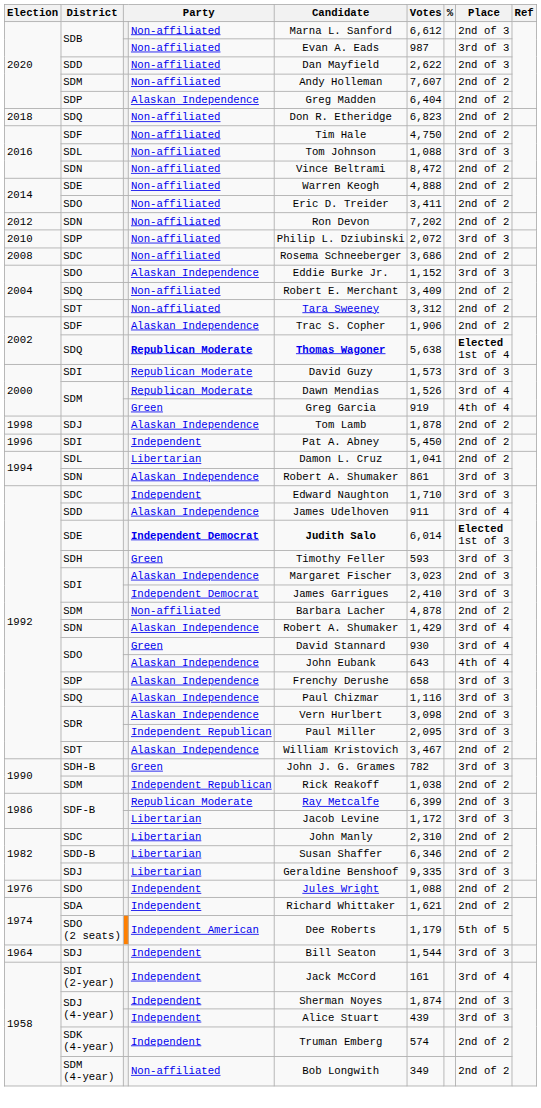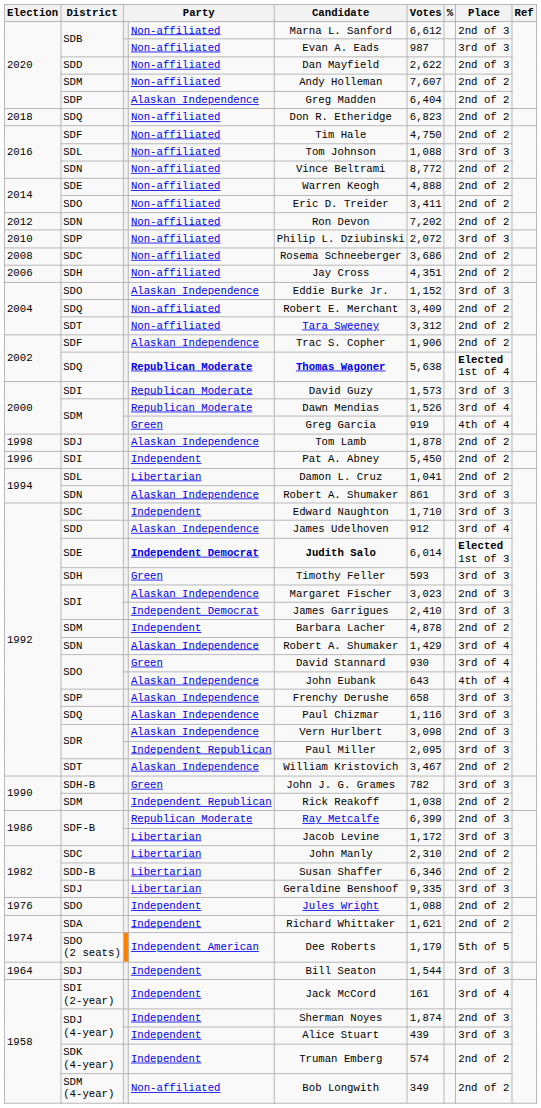 <table class="wikitable sortable">
 <tr>
 <th>Election</th>
 <th>District</th>
 <th colspan=2>Party</th>
 <th>Candidate</th>
 <th>Votes</th>
 <th>%</th>
 <th>Place</th>
 <th>Ref</th>
 </tr>
 <tr>
 <td rowspan=5>2020</td>
 <td rowspan=2>SDB</td>
 <th style="background-color:"></th>
 <td><a href='#'>Non-affiliated</a></td>
 <td align="center">Marna L. Sanford</td>
 <td>6,612</td>
 <td></td>
 <td>2nd of 3</td>
 <td rowspan=5></td>
 </tr>
 <tr>
 <th style="background-color:"></th>
 <td><a href='#'>Non-affiliated</a></td>
 <td align="center">Evan A. Eads</td>
 <td>987</td>
 <td></td>
 <td>3rd of 3</td>
 </tr>
 <tr>
 <td>SDD</td>
 <th style="background-color:"></th>
 <td><a href='#'>Non-affiliated</a></td>
 <td align="center">Dan Mayfield</td>
 <td>2,622</td>
 <td></td>
 <td>2nd of 3</td>
 </tr>
 <tr>
 <td>SDM</td>
 <th style="background-color:"></th>
 <td><a href='#'>Non-affiliated</a></td>
 <td align="center">Andy Holleman</td>
 <td>7,607</td>
 <td></td>
 <td>2nd of 2</td>
 </tr>
 <tr>
 <td>SDP</td>
 <th style="background-color:"></th>
 <td><a href='#'>Alaskan Independence</a></td>
 <td align="center">Greg Madden</td>
 <td>6,404</td>
 <td></td>
 <td>2nd of 2</td>
 </tr>
 <tr>
 <td>2018</td>
 <td>SDQ</td>
 <th style="background-color:"></th>
 <td><a href='#'>Non-affiliated</a></td>
 <td align="center">Don R. Etheridge</td>
 <td>6,823</td>
 <td></td>
 <td>2nd of 2</td>
 <td></td>
 </tr>
 <tr>
 <td rowspan=3>2016</td>
 <td>SDF</td>
 <th style="background-color:"></th>
 <td><a href='#'>Non-affiliated</a></td>
 <td align="center">Tim Hale</td>
 <td>4,750</td>
 <td></td>
 <td>2nd of 2</td>
 <td rowspan=3></td>
 </tr>
 <tr>
 <td>SDL</td>
 <th style="background-color:"></th>
 <td><a href='#'>Non-affiliated</a></td>
 <td align="center">Tom Johnson</td>
 <td>1,088</td>
 <td></td>
 <td>3rd of 3</td>
 </tr>
 <tr>
 <td>SDN</td>
 <th style="background-color:"></th>
 <td><a href='#'>Non-affiliated</a></td>
 <td align="center">Vince Beltrami</td>
-<td>8,472</td>
+<td>8,772</td>
 <td></td>
 <td>2nd of 2</td>
 </tr>
 <tr>
 <td rowspan=2>2014</td>
 <td>SDE</td>
 <th style="background-color:"></th>
 <td><a href='#'>Non-affiliated</a></td>
 <td align="center">Warren Keogh</td>
 <td>4,888</td>
 <td></td>
 <td>2nd of 2</td>
 <td rowspan=2></td>
 </tr>
 <tr>
 <td>SDO</td>
 <th style="background-color:"></th>
 <td><a href='#'>Non-affiliated</a></td>
 <td align="center">Eric D. Treider</td>
 <td>3,411</td>
 <td></td>
 <td>2nd of 2</td>
 </tr>
 <tr>
 <td>2012</td>
 <td>SDN</td>
 <th style="background-color:"></th>
 <td><a href='#'>Non-affiliated</a></td>
 <td align="center">Ron Devon</td>
 <td>7,202</td>
 <td></td>
 <td>2nd of 2</td>
 <td></td>
 </tr>
 <tr>
 <td>2010</td>
 <td>SDP</td>
 <th style="background-color:"></th>
 <td><a href='#'>Non-affiliated</a></td>
 <td align="center">Philip L. Dziubinski</td>
 <td>2,072</td>
 <td></td>
 <td>3rd of 3</td>
 <td></td>
 </tr>
 <tr>
 <td>2008</td>
 <td>SDC</td>
 <th style="background-color:"></th>
 <td><a href='#'>Non-affiliated</a></td>
 <td align="center">Rosema Schneeberger</td>
 <td>3,686</td>
+<td></td>
+<td>2nd of 2</td>
+<td></td>
+</tr>
+<tr>
+<td>2006</td>
+<td>SDH</td>
+<th style="background-color:"></th>
+<td><a href='#'>Non-affiliated</a></td>
+<td align="center">Jay Cross</td>
+<td>4,351</td>
 <td></td>
 <td>2nd of 2</td>
 <td></td>
 </tr>
 <tr>
 <td rowspan=3>2004</td>
 <td>SDO</td>
 <th style="background-color:"></th>
 <td><a href='#'>Alaskan Independence</a></td>
 <td align="center">Eddie Burke Jr.</td>
 <td>1,152</td>
 <td></td>
 <td>3rd of 3</td>
 <td rowspan=3></td>
 </tr>
 <tr>
 <td>SDQ</td>
 <th style="background-color:"></th>
 <td><a href='#'>Non-affiliated</a></td>
 <td align="center">Robert E. Merchant</td>
 <td>3,409</td>
 <td></td>
 <td>2nd of 2</td>
 </tr>
 <tr>
 <td>SDT</td>
 <th style="background-color:"></th>
 <td><a href='#'>Non-affiliated</a></td>
 <td align="center"><a href='#'>Tara Sweeney</a></td>
 <td>3,312</td>
 <td></td>
 <td>2nd of 2</td>
 </tr>
 <tr>
 <td rowspan=2>2002</td>
 <td>SDF</td>
 <th style="background-color:"></th>
 <td><a href='#'>Alaskan Independence</a></td>
 <td align="center">Trac S. Copher</td>
 <td>1,906</td>
 <td></td>
 <td>2nd of 2</td>
 <td rowspan=2></td>
 </tr>
 <tr>
 <td>SDQ</td>
 <th style="background-color:"></th>
 <td><strong><a href='#'>Republican Moderate</a></strong></td>
 <td align="center"><strong><a href='#'>Thomas Wagoner</a></strong></td>
 <td>5,638</td>
 <td></td>
 <td><strong>Elected</strong><br>1st of 4</td>
 </tr>
 <tr>
 <td rowspan=3>2000</td>
 <td>SDI</td>
 <th style="background-color:"></th>
 <td><a href='#'>Republican Moderate</a></td>
 <td align="center">David Guzy</td>
 <td>1,573</td>
 <td></td>
 <td>3rd of 3</td>
 <td rowspan=3></td>
 </tr>
 <tr>
 <td rowspan=2>SDM</td>
 <th style="background-color:"></th>
 <td><a href='#'>Republican Moderate</a></td>
 <td align="center">Dawn Mendias</td>
 <td>1,526</td>
 <td></td>
 <td>3rd of 4</td>
 </tr>
 <tr>
 <th style="background-color:"></th>
 <td><a href='#'>Green</a></td>
 <td align="center">Greg Garcia</td>
 <td>919</td>
 <td></td>
 <td>4th of 4</td>
 </tr>
 <tr>
 <td>1998</td>
 <td>SDJ</td>
 <th style="background-color:"></th>
 <td><a href='#'>Alaskan Independence</a></td>
 <td align="center">Tom Lamb</td>
 <td>1,878</td>
 <td></td>
 <td>2nd of 2</td>
 <td></td>
 </tr>
 <tr>
 <td>1996</td>
 <td>SDI</td>
 <th style="background-color:"></th>
 <td><a href='#'>Independent</a></td>
 <td align="center">Pat A. Abney</td>
 <td>5,450</td>
 <td></td>
 <td>2nd of 2</td>
 <td></td>
 </tr>
 <tr>
 <td rowspan=2>1994</td>
 <td>SDL</td>
 <th style="background-color:"></th>
 <td><a href='#'>Libertarian</a></td>
 <td align="center">Damon L. Cruz</td>
 <td>1,041</td>
 <td></td>
 <td>2nd of 2</td>
 <td rowspan=2></td>
 </tr>
 <tr>
 <td>SDN</td>
 <th style="background-color:"></th>
 <td><a href='#'>Alaskan Independence</a></td>
 <td align="center">Robert A. Shumaker</td>
 <td>861</td>
 <td></td>
 <td>3rd of 3</td>
 </tr>
 <tr>
 <td rowspan=15>1992</td>
 <td>SDC</td>
 <th style="background-color:"></th>
 <td><a href='#'>Independent</a></td>
 <td align="center">Edward Naughton</td>
 <td>1,710</td>
 <td></td>
 <td>3rd of 3</td>
 <td rowspan=15></td>
 </tr>
 <tr>
 <td>SDD</td>
 <th style="background-color:"></th>
 <td><a href='#'>Alaskan Independence</a></td>
 <td align="center">James Udelhoven</td>
-<td>911</td>
+<td>912</td>
 <td></td>
 <td>3rd of 4</td>
 </tr>
 <tr>
 <td>SDE</td>
 <th style="background-color:"></th>
 <td><strong><a href='#'>Independent Democrat</a></strong></td>
 <td align="center"><strong>Judith Salo</strong></td>
 <td>6,014</td>
 <td></td>
 <td><strong>Elected</strong><br>1st of 3</td>
 </tr>
 <tr>
 <td>SDH</td>
 <th style="background-color:"></th>
 <td><a href='#'>Green</a></td>
 <td align="center">Timothy Feller</td>
 <td>593</td>
 <td></td>
 <td>3rd of 3</td>
 </tr>
 <tr>
 <td rowspan=2>SDI</td>
 <th style="background-color:"></th>
 <td><a href='#'>Alaskan Independence</a></td>
 <td align="center">Margaret Fischer</td>
 <td>3,023</td>
 <td></td>
 <td>2nd of 3</td>
 </tr>
 <tr>
 <th style="background-color:"></th>
 <td><a href='#'>Independent Democrat</a></td>
 <td align="center">James Garrigues</td>
 <td>2,410</td>
 <td></td>
 <td>3rd of 3</td>
 </tr>
 <tr>
 <td>SDM</td>
 <th style="background-color:"></th>
-<td><a href='#'>Non-affiliated</a></td>
+<td><a href='#'>Independent</a></td>
 <td align="center">Barbara Lacher</td>
 <td>4,878</td>
 <td></td>
 <td>2nd of 2</td>
 </tr>
 <tr>
 <td>SDN</td>
 <th style="background-color:"></th>
 <td><a href='#'>Alaskan Independence</a></td>
 <td align="center">Robert A. Shumaker</td>
 <td>1,429</td>
 <td></td>
 <td>3rd of 4</td>
 </tr>
 <tr>
 <td rowspan=2>SDO</td>
 <th style="background-color:"></th>
 <td><a href='#'>Green</a></td>
 <td align="center">David Stannard</td>
 <td>930</td>
 <td></td>
 <td>3rd of 4</td>
 </tr>
 <tr>
 <th style="background-color:"></th>
 <td><a href='#'>Alaskan Independence</a></td>
 <td align="center">John Eubank</td>
 <td>643</td>
 <td></td>
 <td>4th of 4</td>
 </tr>
 <tr>
 <td>SDP</td>
 <th style="background-color:"></th>
 <td><a href='#'>Alaskan Independence</a></td>
 <td align="center">Frenchy Derushe</td>
 <td>658</td>
 <td></td>
 <td>3rd of 3</td>
 </tr>
 <tr>
 <td>SDQ</td>
 <th style="background-color:"></th>
 <td><a href='#'>Alaskan Independence</a></td>
 <td align="center">Paul Chizmar</td>
 <td>1,116</td>
 <td></td>
 <td>3rd of 3</td>
 </tr>
 <tr>
 <td rowspan=2>SDR</td>
 <th style="background-color:"></th>
 <td><a href='#'>Alaskan Independence</a></td>
 <td align="center">Vern Hurlbert</td>
 <td>3,098</td>
 <td></td>
 <td>2nd of 3</td>
 </tr>
 <tr>
 <th style="background-color:"></th>
 <td><a href='#'>Independent Republican</a></td>
 <td align="center">Paul Miller</td>
 <td>2,095</td>
 <td></td>
 <td>3rd of 3</td>
 </tr>
 <tr>
 <td>SDT</td>
 <th style="background-color:"></th>
 <td><a href='#'>Alaskan Independence</a></td>
 <td align="center">William Kristovich</td>
 <td>3,467</td>
 <td></td>
 <td>2nd of 2</td>
 </tr>
 <tr>
 <td rowspan=2>1990</td>
 <td>SDH-B</td>
 <th style="background-color:"></th>
 <td><a href='#'>Green</a></td>
 <td align="center">John J. G. Grames</td>
 <td>782</td>
 <td></td>
 <td>3rd of 3</td>
 <td rowspan=2></td>
 </tr>
 <tr>
 <td>SDM</td>
 <th style="background-color:"></th>
 <td><a href='#'>Independent Republican</a></td>
 <td align="center">Rick Reakoff</td>
 <td>1,038</td>
 <td></td>
 <td>2nd of 2</td>
 </tr>
 <tr>
 <td rowspan=2>1986</td>
 <td rowspan=2>SDF-B</td>
 <th style="background-color:"></th>
 <td><a href='#'>Republican Moderate</a></td>
 <td align="center"><a href='#'>Ray Metcalfe</a></td>
 <td>6,399</td>
 <td></td>
 <td>2nd of 3</td>
 <td rowspan=2></td>
 </tr>
 <tr>
 <th style="background-color:"></th>
 <td><a href='#'>Libertarian</a></td>
 <td align="center">Jacob Levine</td>
 <td>1,172</td>
 <td></td>
 <td>3rd of 3</td>
 </tr>
 <tr>
 <td rowspan=3>1982</td>
 <td>SDC</td>
 <th style="background-color:"></th>
 <td><a href='#'>Libertarian</a></td>
 <td align="center">John Manly</td>
 <td>2,310</td>
 <td></td>
 <td>2nd of 2</td>
 <td rowspan=3></td>
 </tr>
 <tr>
 <td>SDD-B</td>
 <th style="background-color:"></th>
 <td><a href='#'>Libertarian</a></td>
 <td align="center">Susan Shaffer</td>
 <td>6,346</td>
 <td></td>
 <td>2nd of 2</td>
 </tr>
 <tr>
 <td>SDJ</td>
 <th style="background-color:"></th>
 <td><a href='#'>Libertarian</a></td>
 <td align="center">Geraldine Benshoof</td>
 <td>9,335</td>
 <td></td>
 <td>3rd of 3</td>
 </tr>
 <tr>
 <td>1976</td>
 <td>SDO</td>
 <th style="background-color:"></th>
 <td><a href='#'>Independent</a></td>
 <td align="center"><a href='#'>Jules Wright</a></td>
 <td>1,088</td>
 <td></td>
 <td>2nd of 2</td>
 <td></td>
 </tr>
 <tr>
 <td rowspan=2>1974<br></td>
 <td>SDA</td>
 <th style="background-color:"></th>
 <td><a href='#'>Independent</a></td>
 <td align="center">Richard Whittaker</td>
 <td>1,621</td>
 <td></td>
 <td>2nd of 2</td>
 <td rowspan=2></td>
 </tr>
 <tr>
 <td>SDO<br>(2 seats)</td>
 <th style="background-color:#FF7F00"></th>
 <td><a href='#'>Independent American</a></td>
 <td align="center">Dee Roberts</td>
 <td>1,179</td>
 <td></td>
 <td>5th of 5</td>
 </tr>
 <tr>
 <td rowspan=1>1964</td>
 <td>SDJ</td>
 <th style="background-color:"></th>
 <td><a href='#'>Independent</a></td>
 <td align="center">Bill Seaton</td>
 <td>1,544</td>
 <td></td>
 <td>3rd of 3</td>
 <td rowspan=1></td>
 </tr>
 <tr>
 <td rowspan=5>1958</td>
 <td>SDI<br>(2-year)</td>
 <th style="background-color:"></th>
 <td><a href='#'>Independent</a></td>
 <td align="center">Jack McCord</td>
 <td>161</td>
 <td></td>
 <td>3rd of 4</td>
 <td rowspan=5></td>
 </tr>
 <tr>
 <td rowspan=2>SDJ<br>(4-year)</td>
 <th style="background-color:"></th>
 <td><a href='#'>Independent</a></td>
 <td align="center">Sherman Noyes</td>
 <td>1,874</td>
 <td></td>
 <td>2nd of 3</td>
 </tr>
 <tr>
 <th style="background-color:"></th>
 <td><a href='#'>Independent</a></td>
 <td align="center">Alice Stuart</td>
 <td>439</td>
 <td></td>
 <td>3rd of 3</td>
 </tr>
 <tr>
 <td>SDK<br>(4-year)</td>
 <th style="background-color:"></th>
 <td><a href='#'>Independent</a></td>
 <td align="center">Truman Emberg</td>
 <td>574</td>
 <td></td>
 <td>2nd of 2</td>
 </tr>
 <tr>
 <td>SDM<br>(4-year)</td>
 <th style="background-color:"></th>
 <td><a href='#'>Non-affiliated</a></td>
 <td align="center">Bob Longwith</td>
 <td>349</td>
 <td></td>
 <td>2nd of 2</td>
 </tr>
 </table>
